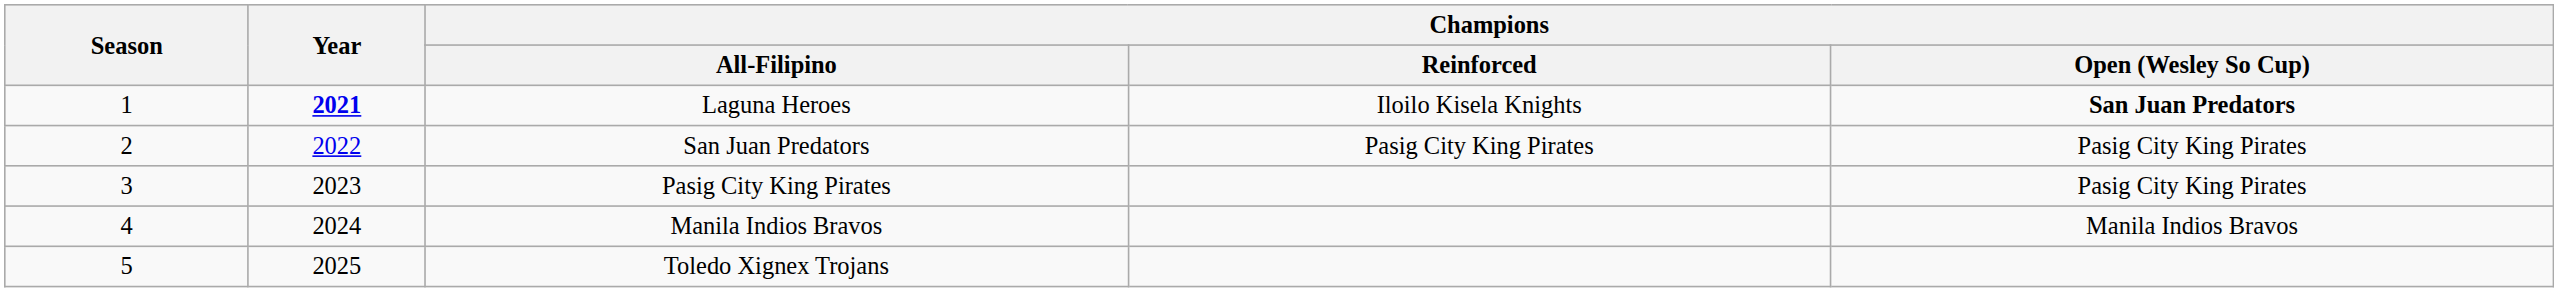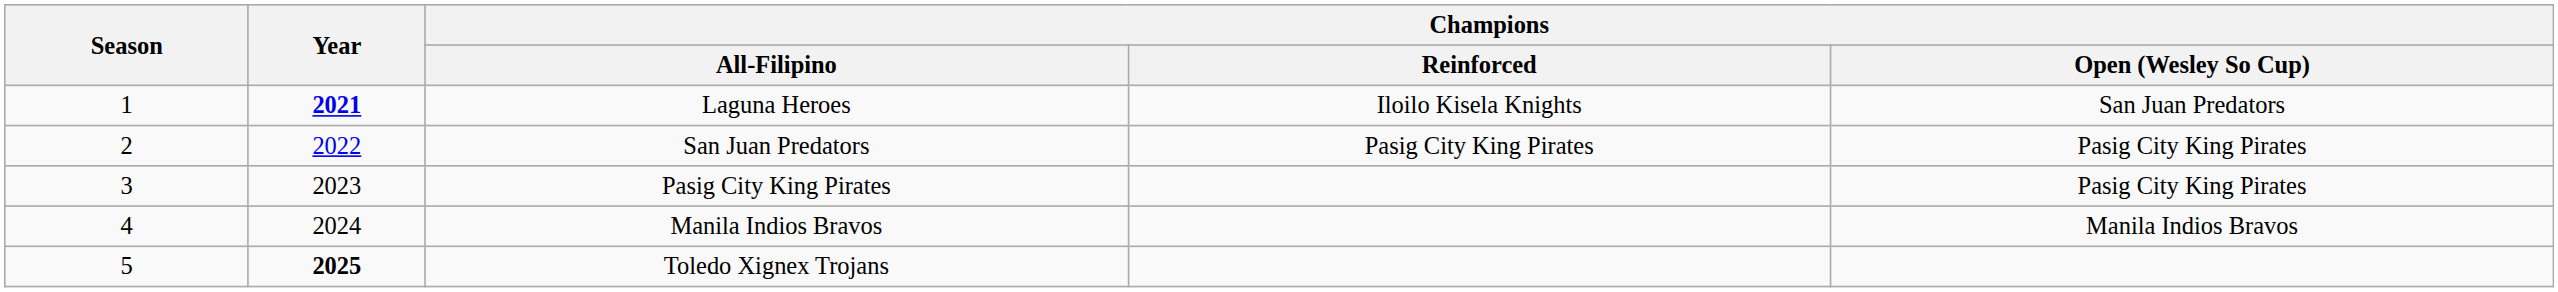 <table class="wikitable" style="text-align: center; font-size:95%;" width=100%>
 <tr>
 <th rowspan=2>Season</th>
 <th rowspan=2>Year</th>
 <th colspan=3>Champions</th>
 </tr>
 <tr>
 <th>All-Filipino</th>
 <th>Reinforced</th>
 <th>Open (Wesley So Cup)</th>
 </tr>
 <tr>
 <td>1</td>
 <td><strong><a href='#'>2021</a></strong></td>
 <td>Laguna Heroes</td>
 <td>Iloilo Kisela Knights</td>
-<td><strong>San Juan Predators</strong></td>
+<td>San Juan Predators</td>
 </tr>
 <tr>
 <td>2</td>
 <td><a href='#'>2022</a></td>
 <td>San Juan Predators</td>
 <td>Pasig City King Pirates</td>
 <td>Pasig City King Pirates</td>
 </tr>
 <tr>
 <td>3</td>
 <td>2023</td>
 <td>Pasig City King Pirates</td>
 <td></td>
 <td>Pasig City King Pirates</td>
 </tr>
 <tr>
 <td>4</td>
 <td>2024</td>
 <td>Manila Indios Bravos</td>
 <td></td>
 <td>Manila Indios Bravos</td>
 </tr>
 <tr>
 <td>5</td>
-<td>2025</td>
+<td><strong>2025</strong></td>
 <td>Toledo Xignex Trojans</td>
 <td></td>
 <td></td>
 </tr>
 </table>
